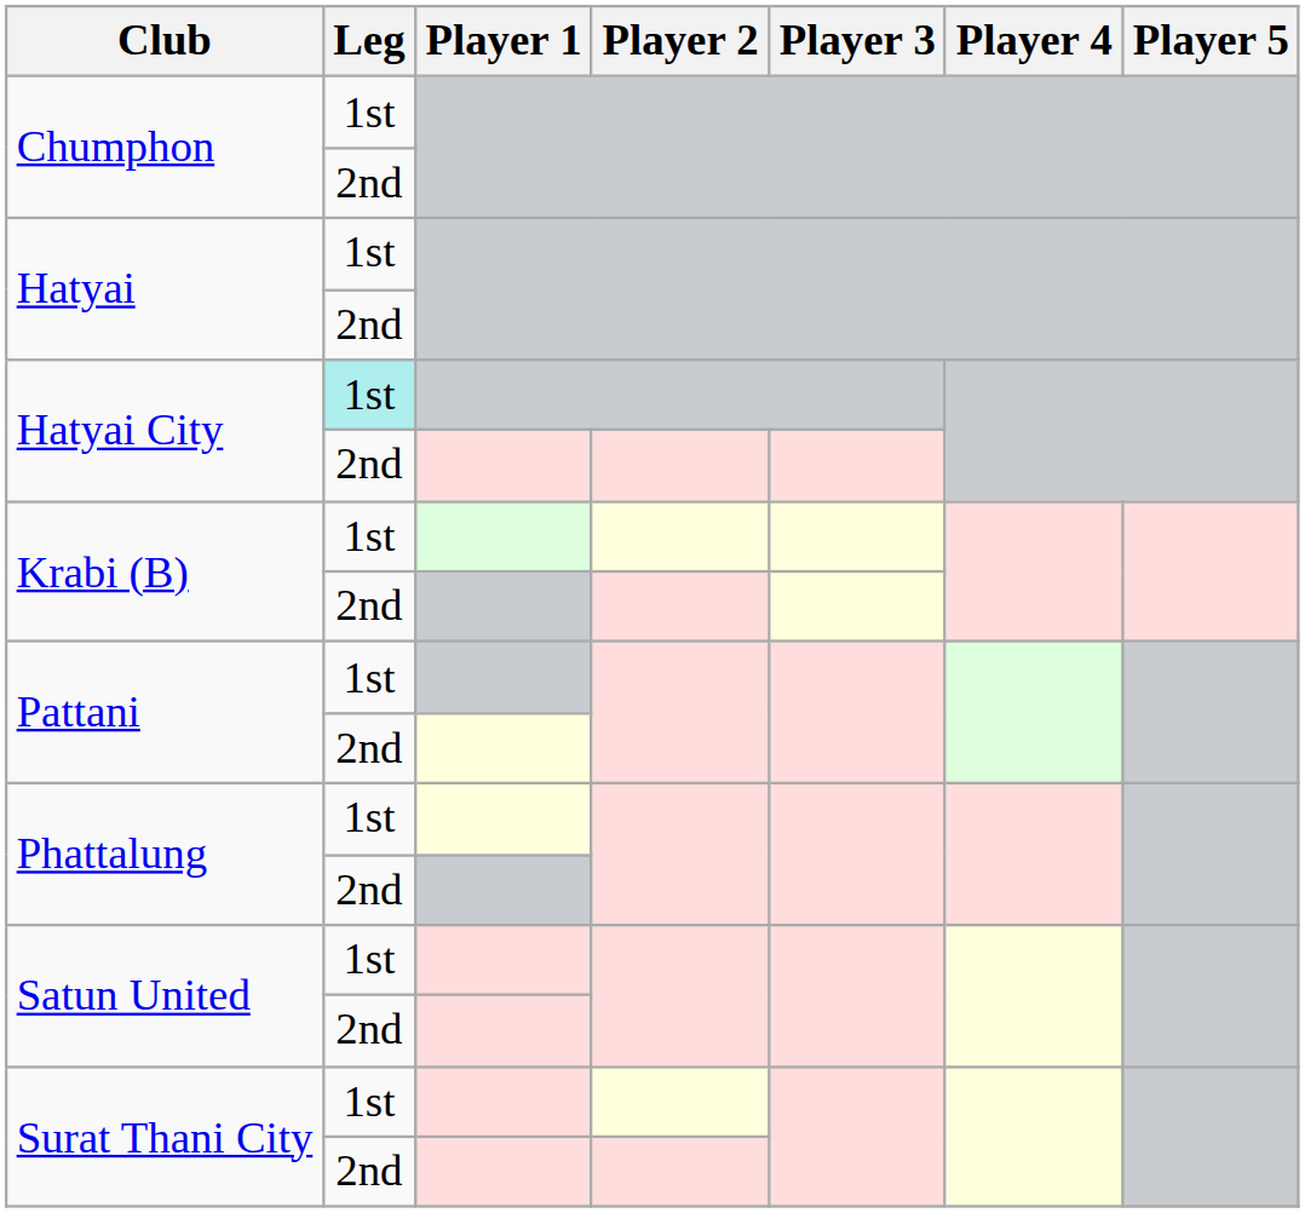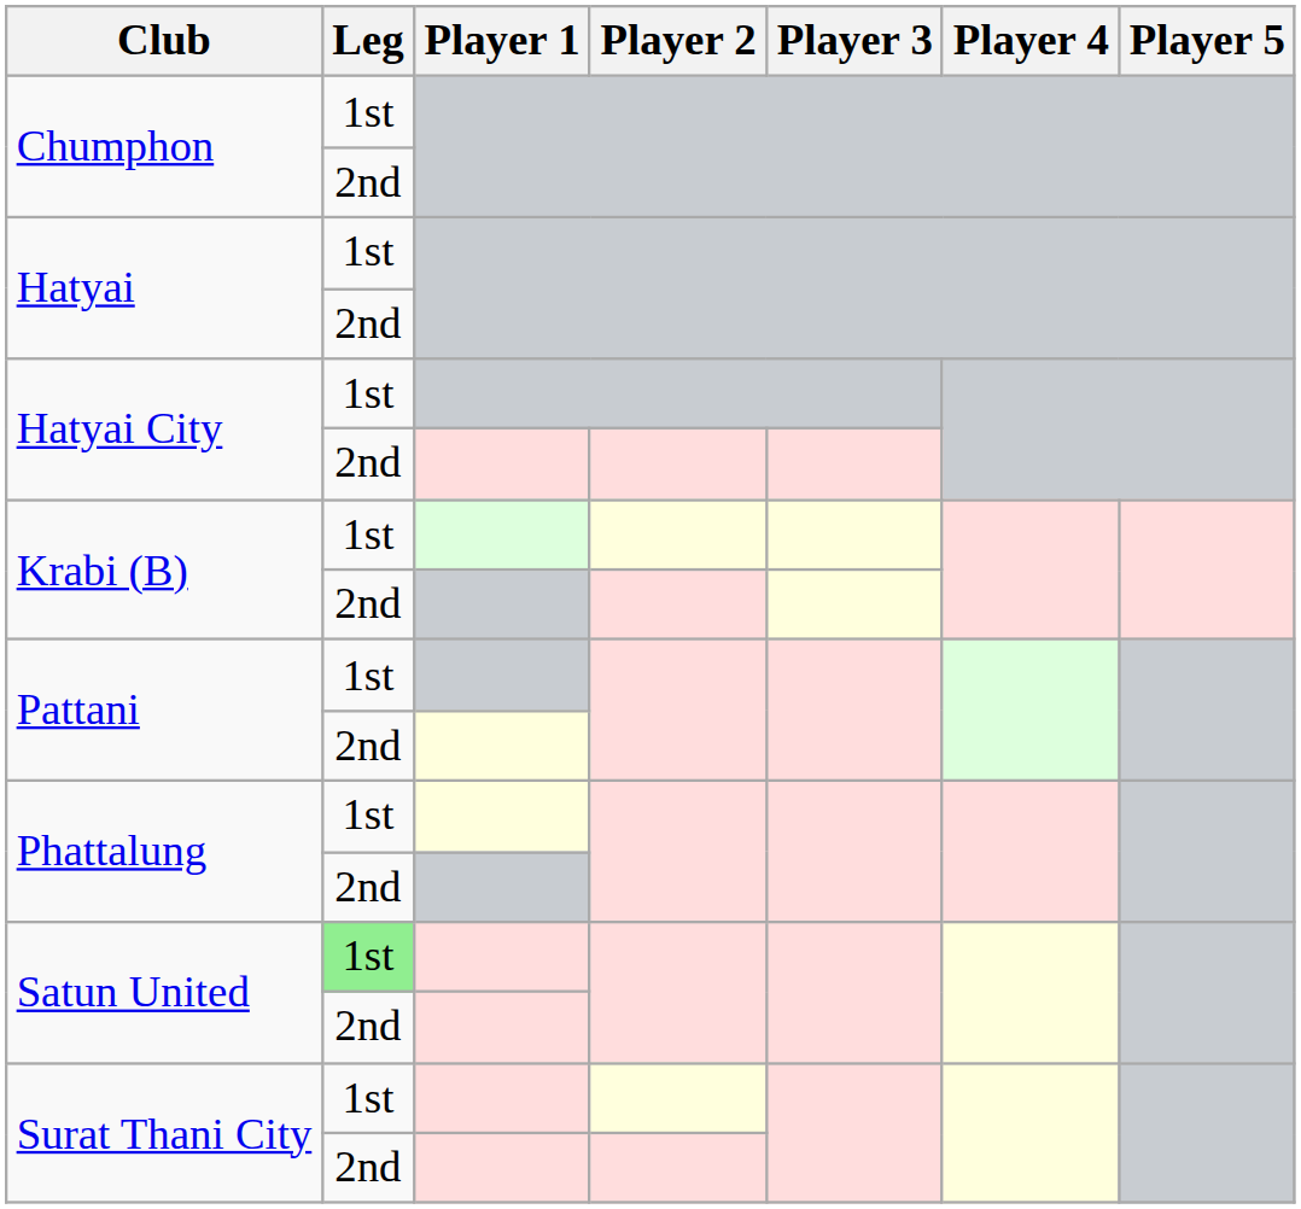 <table class="wikitable" style="text-align:left">
 <tr>
 <th>Club</th>
 <th>Leg</th>
 <th>Player 1</th>
 <th>Player 2</th>
 <th>Player 3</th>
 <th>Player 4</th>
 <th>Player 5</th>
 </tr>
 <tr>
 <td rowspan="2"><a href='#'>Chumphon</a></td>
 <td align="center">1st</td>
 <td bgcolor="#c8ccd1" rowspan="2" colspan="5"></td>
 </tr>
 <tr>
 <td align="center">2nd</td>
 </tr>
 <tr>
 <td rowspan="2"><a href='#'>Hatyai</a></td>
 <td align="center">1st</td>
 <td bgcolor="#c8ccd1" rowspan="2" colspan="5"></td>
 </tr>
 <tr>
 <td align="center">2nd</td>
 </tr>
 <tr>
 <td rowspan="2"><a href='#'>Hatyai City</a></td>
-<td align="center" style="background: paleturquoise;">1st</td>
+<td align="center">1st</td>
 <td bgcolor="#c8ccd1" colspan="3"></td>
 <td bgcolor="#c8ccd1" rowspan="2" colspan="2"></td>
 </tr>
 <tr>
 <td align="center">2nd</td>
 <td bgcolor="#ffdddd"></td>
 <td bgcolor="#ffdddd"></td>
 <td bgcolor="#ffdddd"></td>
 </tr>
 <tr>
 <td rowspan="2"><a href='#'>Krabi (B)</a></td>
 <td align="center">1st</td>
 <td bgcolor="#ddffdd"></td>
 <td bgcolor="#ffffdd"></td>
 <td bgcolor="#ffffdd"></td>
 <td bgcolor="#ffdddd" rowspan="2"></td>
 <td bgcolor="#ffdddd" rowspan="2"></td>
 </tr>
 <tr>
 <td align="center">2nd</td>
 <td bgcolor="#c8ccd1"></td>
 <td bgcolor="#ffdddd"></td>
 <td bgcolor="#ffffdd"></td>
 </tr>
 <tr>
 <td rowspan="2"><a href='#'>Pattani</a></td>
 <td align="center">1st</td>
 <td bgcolor="#c8ccd1"></td>
 <td bgcolor="#ffdddd" rowspan="2"></td>
 <td bgcolor="#ffdddd" rowspan="2"></td>
 <td bgcolor="#ddffdd" rowspan="2"></td>
 <td bgcolor="#c8ccd1" rowspan="2"></td>
 </tr>
 <tr>
 <td align="center">2nd</td>
 <td bgcolor="#ffffdd"></td>
 </tr>
 <tr>
 <td rowspan="2"><a href='#'>Phattalung</a></td>
 <td align="center">1st</td>
 <td bgcolor="#ffffdd"></td>
 <td bgcolor="#ffdddd" rowspan="2"></td>
 <td bgcolor="#ffdddd" rowspan="2"></td>
 <td bgcolor="#ffdddd" rowspan="2"></td>
 <td bgcolor="#c8ccd1" rowspan="2"></td>
 </tr>
 <tr>
 <td align="center">2nd</td>
 <td bgcolor="#c8ccd1"></td>
 </tr>
 <tr>
 <td rowspan="2"><a href='#'>Satun United</a></td>
-<td align="center">1st</td>
+<td align="center" style="background: lightgreen;">1st</td>
 <td bgcolor="#ffdddd"></td>
 <td bgcolor="#ffdddd" rowspan="2"></td>
 <td bgcolor="#ffdddd" rowspan="2"></td>
 <td bgcolor="#ffffdd" rowspan="2"></td>
 <td bgcolor="#c8ccd1" rowspan="2"></td>
 </tr>
 <tr>
 <td align="center">2nd</td>
 <td bgcolor="#ffdddd"></td>
 </tr>
 <tr>
 <td rowspan="2"><a href='#'>Surat Thani City</a></td>
 <td align="center">1st</td>
 <td bgcolor="#ffdddd"></td>
 <td bgcolor="#ffffdd"></td>
 <td bgcolor="#ffdddd" rowspan="2"></td>
 <td bgcolor="#ffffdd" rowspan="2"></td>
 <td bgcolor="#c8ccd1" rowspan="2"></td>
 </tr>
 <tr>
 <td align="center">2nd</td>
 <td bgcolor="#ffdddd"></td>
 <td bgcolor="#ffdddd"></td>
 </tr>
 </table>
